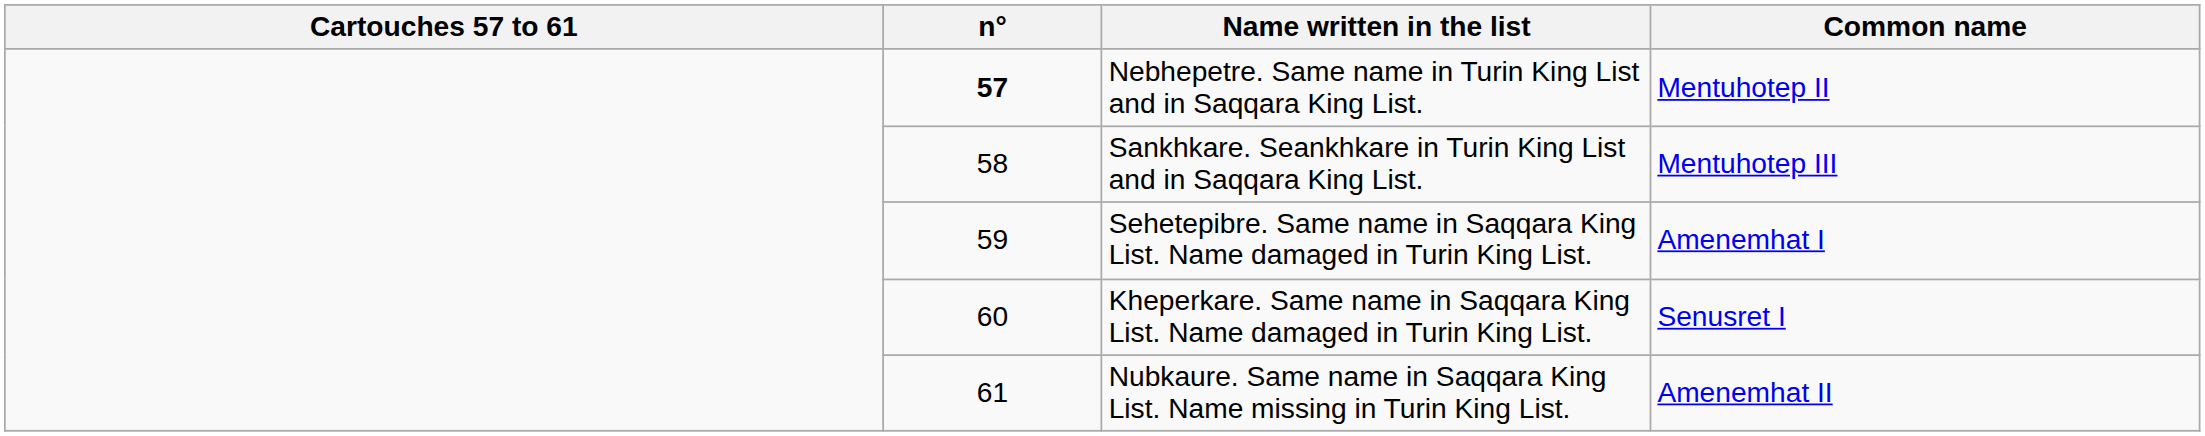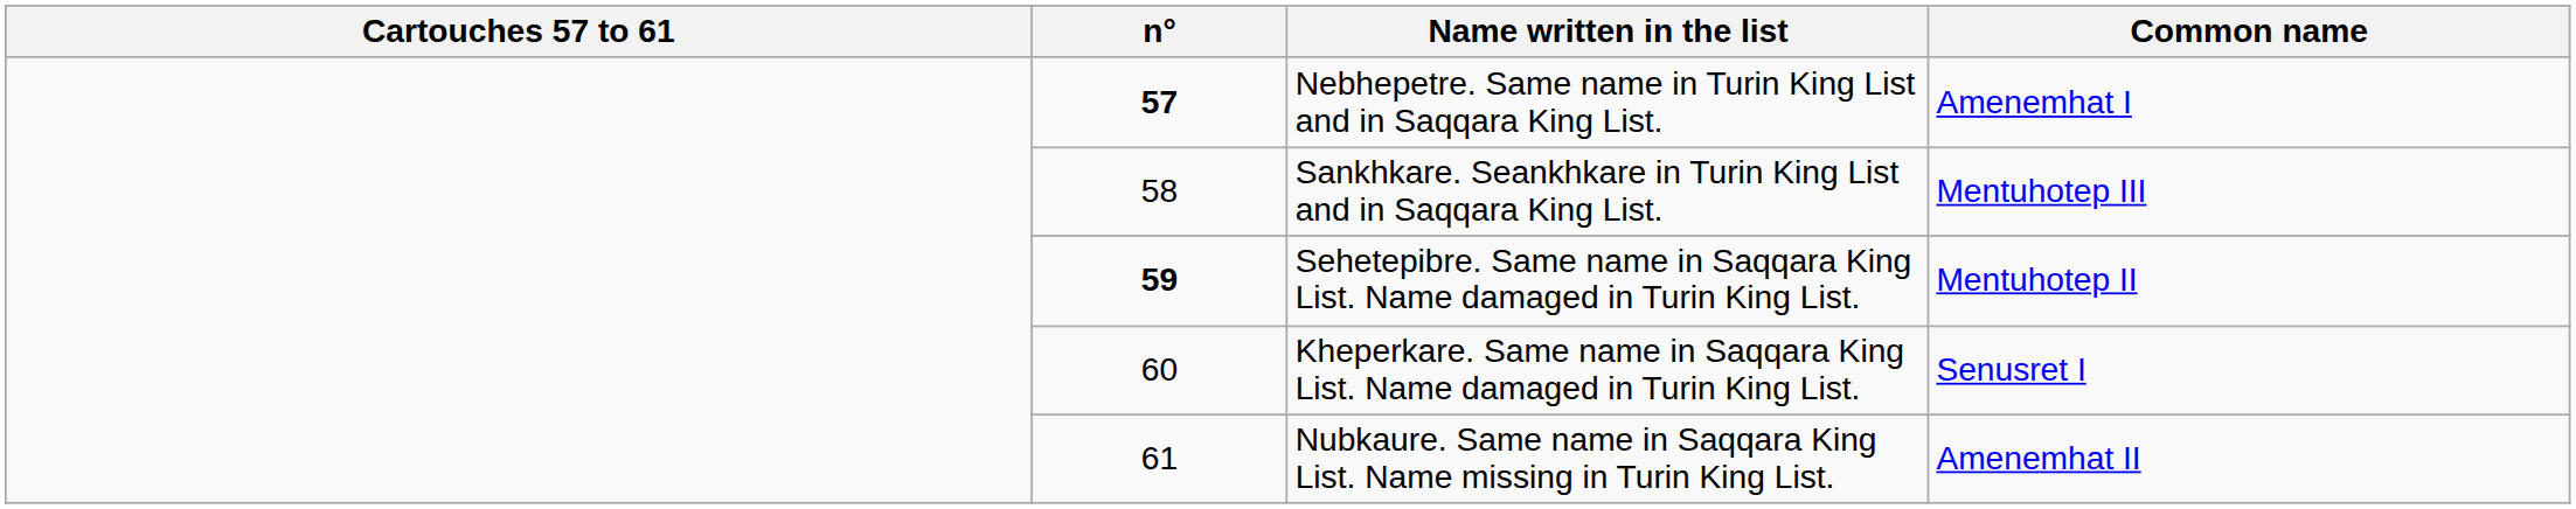 <table class="wikitable">
 <tr>
 <th width = "40%">Cartouches 57 to 61</th>
 <th width = "10%">n°</th>
 <th width = "25%">Name written in the list</th>
 <th width = "25%">Common name</th>
 </tr>
 <tr>
 <td rowspan = "5"></td>
 <td align = "center"><strong>57</strong></td>
 <td>Nebhepetre. Same name in Turin King List and in Saqqara King List.</td>
-<td><a href='#'>Mentuhotep II</a></td>
+<td><a href='#'>Amenemhat I</a></td>
 </tr>
 <tr>
 <td align = "center">58</td>
 <td>Sankhkare. Seankhkare in Turin King List and in Saqqara King List.</td>
 <td><a href='#'>Mentuhotep III</a></td>
 </tr>
 <tr>
-<td align = "center">59</td>
+<td align = "center"><strong>59</strong></td>
 <td>Sehetepibre. Same name in Saqqara King List. Name damaged in Turin King List.</td>
-<td><a href='#'>Amenemhat I</a></td>
+<td><a href='#'>Mentuhotep II</a></td>
 </tr>
 <tr>
 <td align = "center">60</td>
 <td>Kheperkare. Same name in Saqqara King List. Name damaged in Turin King List.</td>
 <td><a href='#'>Senusret I</a></td>
 </tr>
 <tr>
 <td align = "center">61</td>
 <td>Nubkaure. Same name in Saqqara King List. Name missing in Turin King List.</td>
 <td><a href='#'>Amenemhat II</a></td>
 </tr>
 </table>
